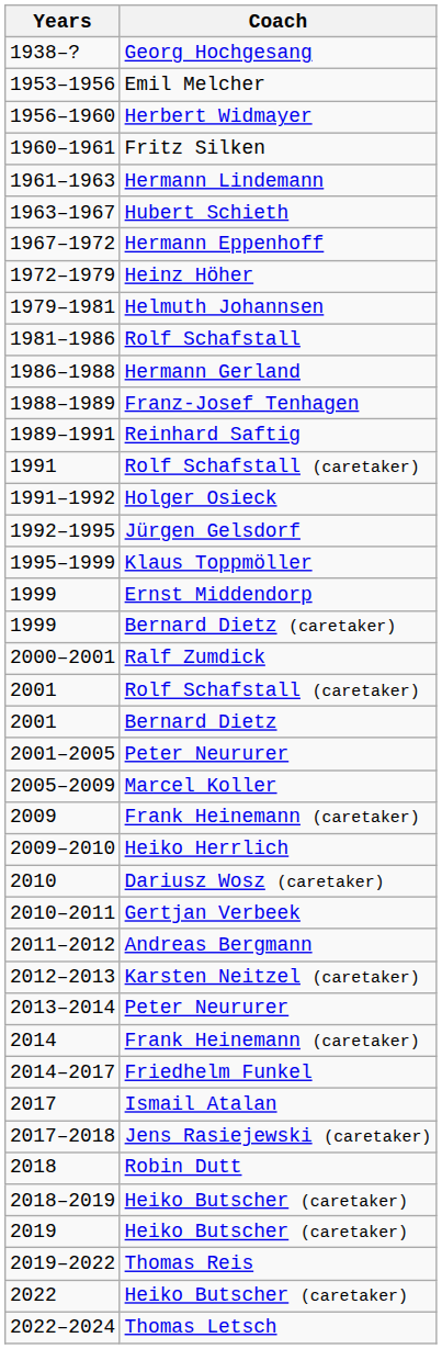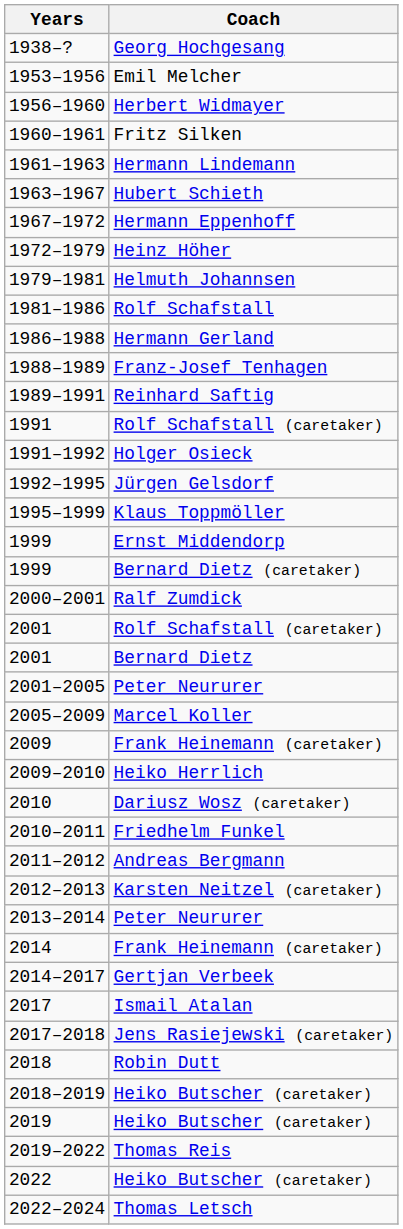 <table class="wikitable sortable">
 <tr>
 <th>Years</th>
 <th>Coach</th>
 </tr>
 <tr>
 <td>1938–?</td>
 <td><a href='#'>Georg Hochgesang</a></td>
 </tr>
 <tr>
 <td>1953–1956</td>
 <td>Emil Melcher</td>
 </tr>
 <tr>
 <td>1956–1960</td>
 <td><a href='#'>Herbert Widmayer</a></td>
 </tr>
 <tr>
 <td>1960–1961</td>
 <td>Fritz Silken</td>
 </tr>
 <tr>
 <td>1961–1963</td>
 <td><a href='#'>Hermann Lindemann</a></td>
 </tr>
 <tr>
 <td>1963–1967</td>
 <td><a href='#'>Hubert Schieth</a></td>
 </tr>
 <tr>
 <td>1967–1972</td>
 <td><a href='#'>Hermann Eppenhoff</a></td>
 </tr>
 <tr>
 <td>1972–1979</td>
 <td><a href='#'>Heinz Höher</a></td>
 </tr>
 <tr>
 <td>1979–1981</td>
 <td><a href='#'>Helmuth Johannsen</a></td>
 </tr>
 <tr>
 <td>1981–1986</td>
 <td><a href='#'>Rolf Schafstall</a></td>
 </tr>
 <tr>
 <td>1986–1988</td>
 <td><a href='#'>Hermann Gerland</a></td>
 </tr>
 <tr>
 <td>1988–1989</td>
 <td><a href='#'>Franz-Josef Tenhagen</a></td>
 </tr>
 <tr>
 <td>1989–1991</td>
 <td><a href='#'>Reinhard Saftig</a></td>
 </tr>
 <tr>
 <td>1991</td>
 <td><a href='#'>Rolf Schafstall</a> <small>(caretaker)</small></td>
 </tr>
 <tr>
 <td>1991–1992</td>
 <td><a href='#'>Holger Osieck</a></td>
 </tr>
 <tr>
 <td>1992–1995</td>
 <td><a href='#'>Jürgen Gelsdorf</a></td>
 </tr>
 <tr>
 <td>1995–1999</td>
 <td><a href='#'>Klaus Toppmöller</a></td>
 </tr>
 <tr>
 <td>1999</td>
 <td><a href='#'>Ernst Middendorp</a></td>
 </tr>
 <tr>
 <td>1999</td>
 <td><a href='#'>Bernard Dietz</a> <small>(caretaker)</small></td>
 </tr>
 <tr>
 <td>2000–2001</td>
 <td><a href='#'>Ralf Zumdick</a></td>
 </tr>
 <tr>
 <td>2001</td>
 <td><a href='#'>Rolf Schafstall</a> <small>(caretaker)</small></td>
 </tr>
 <tr>
 <td>2001</td>
 <td><a href='#'>Bernard Dietz</a></td>
 </tr>
 <tr>
 <td>2001–2005</td>
 <td><a href='#'>Peter Neururer</a></td>
 </tr>
 <tr>
 <td>2005–2009</td>
 <td><a href='#'>Marcel Koller</a></td>
 </tr>
 <tr>
 <td>2009</td>
 <td><a href='#'>Frank Heinemann</a> <small>(caretaker)</small></td>
 </tr>
 <tr>
 <td>2009–2010</td>
 <td><a href='#'>Heiko Herrlich</a></td>
 </tr>
 <tr>
 <td>2010</td>
 <td><a href='#'>Dariusz Wosz</a> <small>(caretaker)</small></td>
 </tr>
 <tr>
 <td>2010–2011</td>
-<td><a href='#'>Gertjan Verbeek</a></td>
+<td><a href='#'>Friedhelm Funkel</a></td>
 </tr>
 <tr>
 <td>2011–2012</td>
 <td><a href='#'>Andreas Bergmann</a></td>
 </tr>
 <tr>
 <td>2012–2013</td>
 <td><a href='#'>Karsten Neitzel</a> <small>(caretaker)</small></td>
 </tr>
 <tr>
 <td>2013–2014</td>
 <td><a href='#'>Peter Neururer</a></td>
 </tr>
 <tr>
 <td>2014</td>
 <td><a href='#'>Frank Heinemann</a> <small>(caretaker)</small></td>
 </tr>
 <tr>
 <td>2014–2017</td>
-<td><a href='#'>Friedhelm Funkel</a></td>
+<td><a href='#'>Gertjan Verbeek</a></td>
 </tr>
 <tr>
 <td>2017</td>
 <td><a href='#'>Ismail Atalan</a></td>
 </tr>
 <tr>
 <td>2017–2018</td>
 <td><a href='#'>Jens Rasiejewski</a> <small>(caretaker)</small></td>
 </tr>
 <tr>
 <td>2018</td>
 <td><a href='#'>Robin Dutt</a></td>
 </tr>
 <tr>
 <td>2018–2019</td>
 <td><a href='#'>Heiko Butscher</a> <small>(caretaker)</small></td>
 </tr>
 <tr>
 <td>2019</td>
 <td><a href='#'>Heiko Butscher</a> <small>(caretaker)</small></td>
 </tr>
 <tr>
 <td>2019–2022</td>
 <td><a href='#'>Thomas Reis</a></td>
 </tr>
 <tr>
 <td>2022</td>
 <td><a href='#'>Heiko Butscher</a> <small>(caretaker)</small></td>
 </tr>
 <tr>
 <td>2022–2024</td>
 <td><a href='#'>Thomas Letsch</a></td>
 </tr>
 </table>
